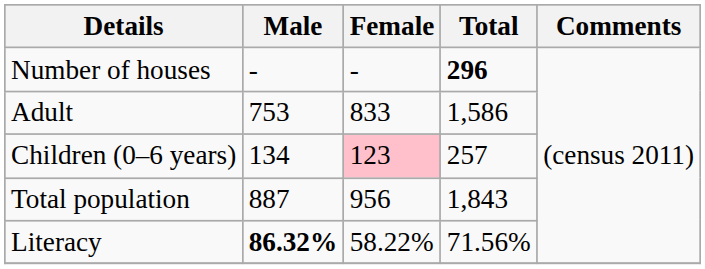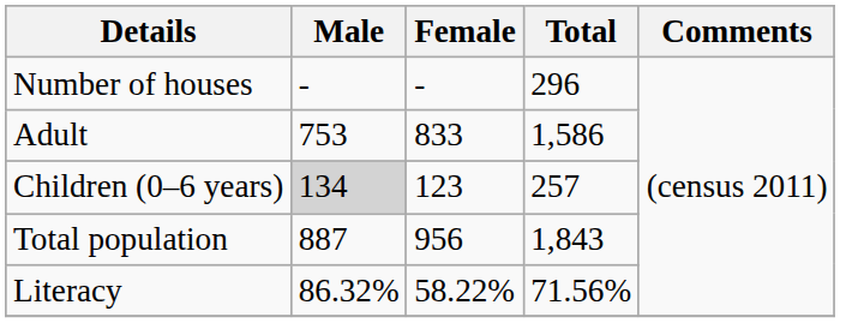 <table class="wikitable sortable">
 <tr>
 <th>Details</th>
 <th>Male</th>
 <th>Female</th>
 <th>Total</th>
 <th>Comments</th>
 </tr>
 <tr>
 <td>Number of houses</td>
 <td>-</td>
 <td>-</td>
-<td><strong>296</strong></td>
+<td>296</td>
 <td rowspan="5">(census 2011) </td>
 </tr>
 <tr>
 <td>Adult</td>
 <td>753</td>
 <td>833</td>
 <td>1,586</td>
 </tr>
 <tr>
 <td>Children (0–6 years)</td>
-<td>134</td>
-<td style="background: pink;">123</td>
+<td style="background: lightgrey;">134</td>
+<td>123</td>
 <td>257</td>
 </tr>
 <tr>
 <td>Total population</td>
 <td>887</td>
 <td>956</td>
 <td>1,843</td>
 </tr>
 <tr>
 <td>Literacy</td>
-<td><strong>86.32%</strong></td>
+<td>86.32%</td>
 <td>58.22%</td>
 <td>71.56%</td>
 </tr>
 <tr>
 </tr>
 </table>
